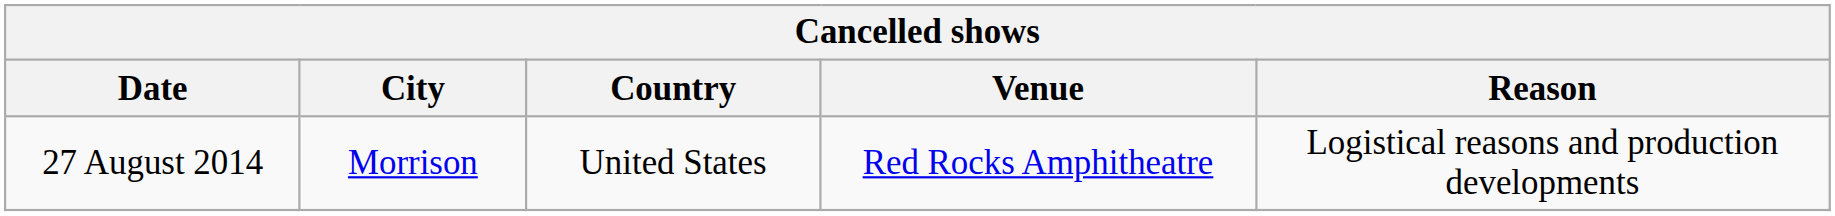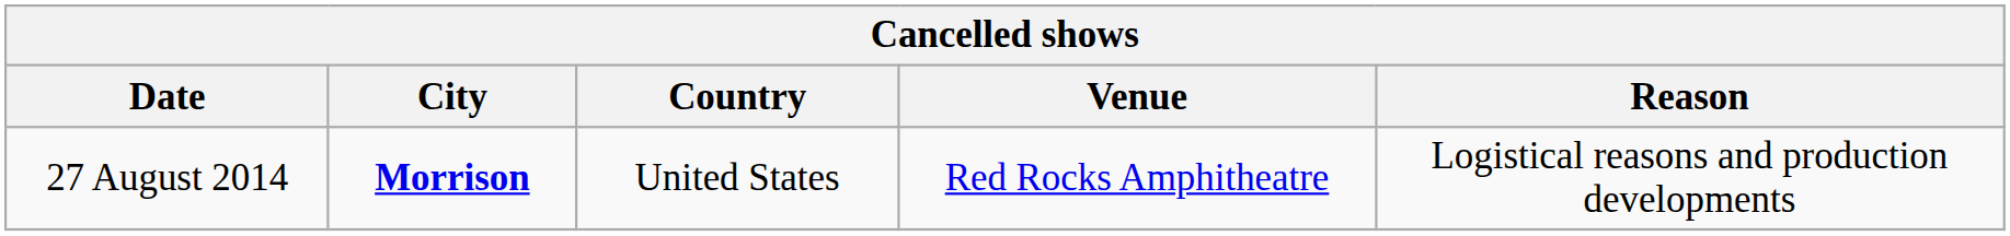 <table class="wikitable collapsible collapsed" style="text-align:center;">
 <tr>
 <th colspan="5">Cancelled shows</th>
 </tr>
 <tr>
 <th scope="col" style="width:8em;">Date</th>
 <th scope="col" style="width:6em;">City</th>
 <th scope="col" style="width:8em;">Country</th>
 <th scope="col" style="width:12em;">Venue</th>
 <th scope="col" style="width:16em;">Reason</th>
 </tr>
 <tr>
 <td>27 August 2014</td>
-<td><a href='#'>Morrison</a></td>
+<td><strong><a href='#'>Morrison</a></strong></td>
 <td>United States</td>
 <td><a href='#'>Red Rocks Amphitheatre</a></td>
 <td>Logistical reasons and production developments</td>
 </tr>
 </table>
